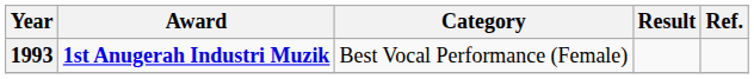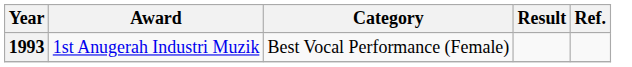 <table class="wikitable sortable">
 <tr>
 <th scope="row">Year</th>
 <th scope="row">Award</th>
 <th scope="row">Category</th>
 <th scope="row">Result</th>
 <th scope="row">Ref.</th>
 </tr>
 <tr>
 <th scope="row">1993</th>
-<td><strong><a href='#'>1st Anugerah Industri Muzik</a></strong></td>
+<td><a href='#'>1st Anugerah Industri Muzik</a></td>
 <td>Best Vocal Performance (Female)</td>
 <td></td>
 <td align="center"></td>
 </tr>
 <tr>
 </tr>
 </table>
